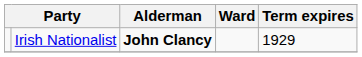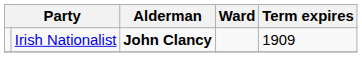 <table class="wikitable">
 <tr>
 <th colspan="2">Party</th>
 <th>Alderman</th>
 <th>Ward</th>
 <th>Term expires</th>
 </tr>
 <tr>
 <td style="background-color:"></td>
 <td><a href='#'>Irish Nationalist</a></td>
 <td><strong>John Clancy</strong></td>
 <td></td>
-<td>1929</td>
+<td>1909</td>
 </tr>
 <tr>
 </tr>
 </table>
